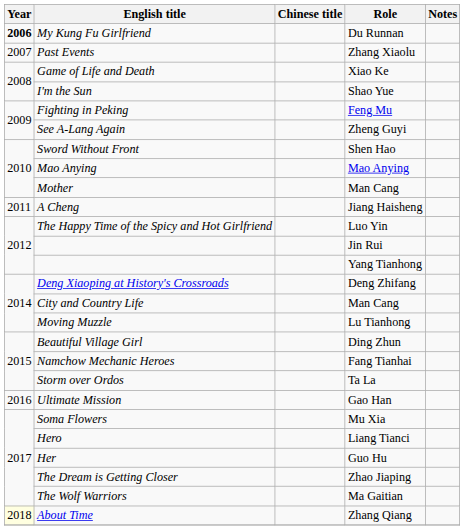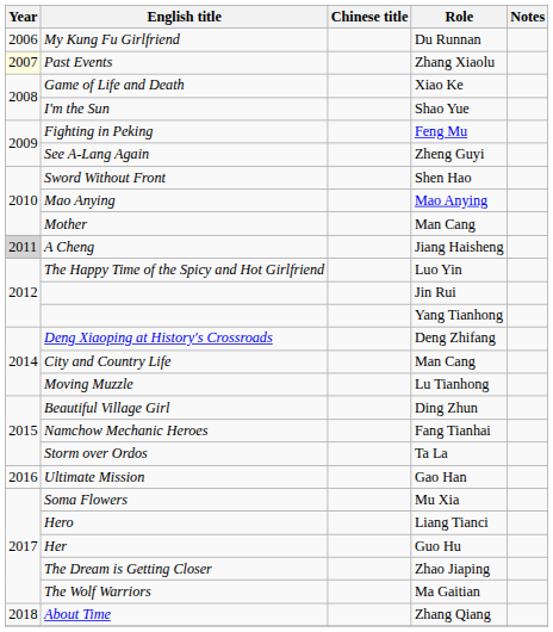 <table class="wikitable">
 <tr>
 <th>Year</th>
 <th>English title</th>
 <th>Chinese title</th>
 <th>Role</th>
 <th>Notes</th>
 </tr>
 <tr>
-<td><strong>2006</strong></td>
+<td>2006</td>
 <td><em>My Kung Fu Girlfriend</em></td>
 <td></td>
 <td>Du Runnan</td>
 <td></td>
 </tr>
 <tr>
-<td>2007</td>
+<td style="background: lightyellow;">2007</td>
 <td><em>Past Events</em></td>
 <td></td>
 <td>Zhang Xiaolu</td>
 <td></td>
 </tr>
 <tr>
 <td rowspan=2>2008</td>
 <td><em>Game of Life and Death</em></td>
 <td></td>
 <td>Xiao Ke</td>
 <td></td>
 </tr>
 <tr>
 <td><em>I'm the Sun</em></td>
 <td></td>
 <td>Shao Yue</td>
 <td></td>
 </tr>
 <tr>
 <td rowspan=2>2009</td>
 <td><em>Fighting in Peking</em></td>
 <td></td>
 <td><a href='#'>Feng Mu</a></td>
 <td></td>
 </tr>
 <tr>
 <td><em>See A-Lang Again</em></td>
 <td></td>
 <td>Zheng Guyi</td>
 <td></td>
 </tr>
 <tr>
 <td rowspan=3>2010</td>
 <td><em>Sword Without Front</em></td>
 <td></td>
 <td>Shen Hao</td>
 <td></td>
 </tr>
 <tr>
 <td><em>Mao Anying</em></td>
 <td></td>
 <td><a href='#'>Mao Anying</a></td>
 <td></td>
 </tr>
 <tr>
 <td><em>Mother</em></td>
 <td></td>
 <td>Man Cang</td>
 <td></td>
 </tr>
 <tr>
-<td>2011</td>
+<td style="background: lightgrey;">2011</td>
 <td><em>A Cheng</em></td>
 <td></td>
 <td>Jiang Haisheng</td>
 <td></td>
 </tr>
 <tr>
 <td rowspan=3>2012</td>
 <td><em>The Happy Time of the Spicy and Hot Girlfriend</em></td>
 <td></td>
 <td>Luo Yin</td>
 <td></td>
 </tr>
 <tr>
 <td></td>
 <td></td>
 <td>Jin Rui</td>
 <td></td>
 </tr>
 <tr>
 <td></td>
 <td></td>
 <td>Yang Tianhong</td>
 <td></td>
 </tr>
 <tr>
 <td rowspan=3>2014</td>
 <td><em><a href='#'>Deng Xiaoping at History's Crossroads</a></em></td>
 <td></td>
 <td>Deng Zhifang</td>
 <td></td>
 </tr>
 <tr>
 <td><em>City and Country Life</em></td>
 <td></td>
 <td>Man Cang</td>
 <td></td>
 </tr>
 <tr>
 <td><em>Moving Muzzle</em></td>
 <td></td>
 <td>Lu Tianhong</td>
 <td></td>
 </tr>
 <tr>
 <td rowspan=3>2015</td>
 <td><em>Beautiful Village Girl</em></td>
 <td></td>
 <td>Ding Zhun</td>
 <td></td>
 </tr>
 <tr>
 <td><em>Namchow Mechanic Heroes</em></td>
 <td></td>
 <td>Fang Tianhai</td>
 <td></td>
 </tr>
 <tr>
 <td><em>Storm over Ordos</em></td>
 <td></td>
 <td>Ta La</td>
 <td></td>
 </tr>
 <tr>
 <td>2016</td>
 <td><em>Ultimate Mission</em></td>
 <td></td>
 <td>Gao Han</td>
 <td></td>
 </tr>
 <tr>
 <td rowspan=5>2017</td>
 <td><em>Soma Flowers</em></td>
 <td></td>
 <td>Mu Xia</td>
 <td></td>
 </tr>
 <tr>
 <td><em>Hero</em></td>
 <td></td>
 <td>Liang Tianci</td>
 <td></td>
 </tr>
 <tr>
 <td><em>Her</em></td>
 <td></td>
 <td>Guo Hu</td>
 <td></td>
 </tr>
 <tr>
 <td><em>The Dream is Getting Closer</em></td>
 <td></td>
 <td>Zhao Jiaping</td>
 <td></td>
 </tr>
 <tr>
 <td><em>The Wolf Warriors</em></td>
 <td></td>
 <td>Ma Gaitian</td>
 <td></td>
 </tr>
 <tr>
-<td rowspan=1 style="background: lightyellow;">2018</td>
+<td rowspan=1>2018</td>
 <td><em><a href='#'>About Time</a></em></td>
 <td></td>
 <td>Zhang Qiang</td>
 <td></td>
 </tr>
 <tr>
 </tr>
 </table>
